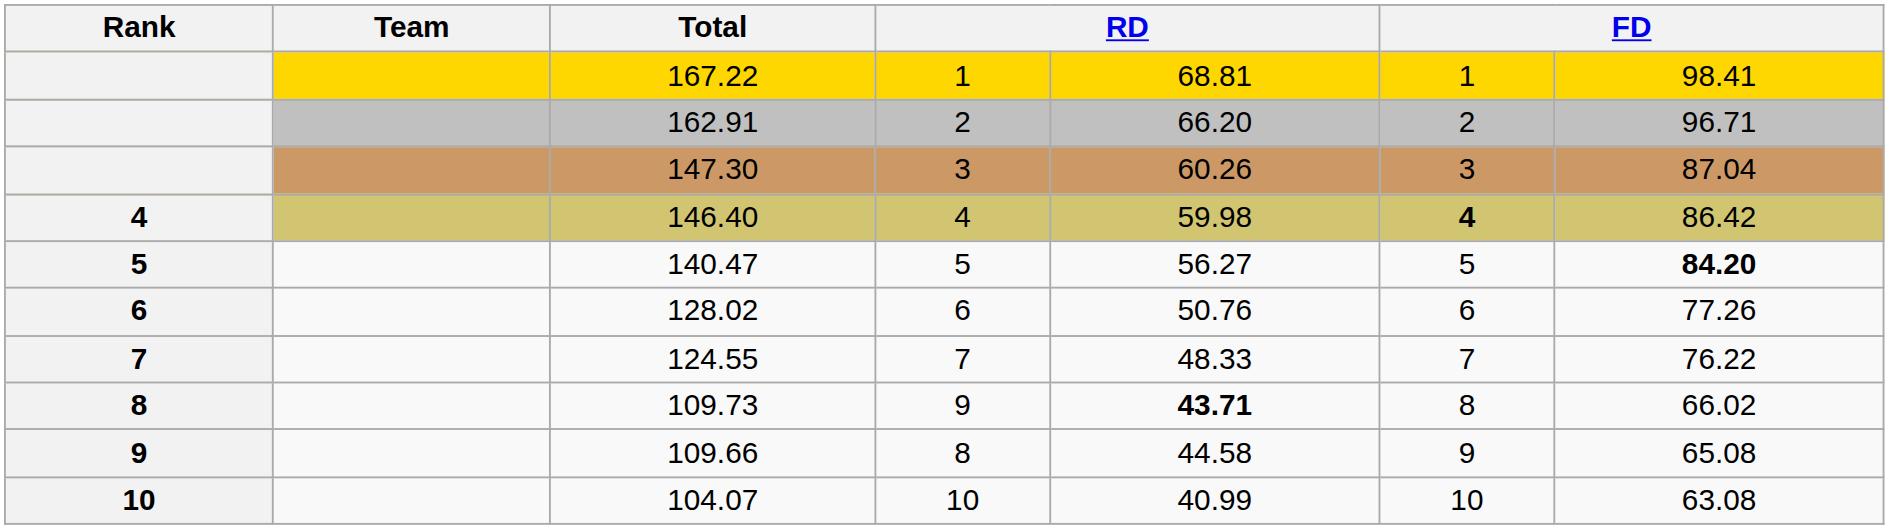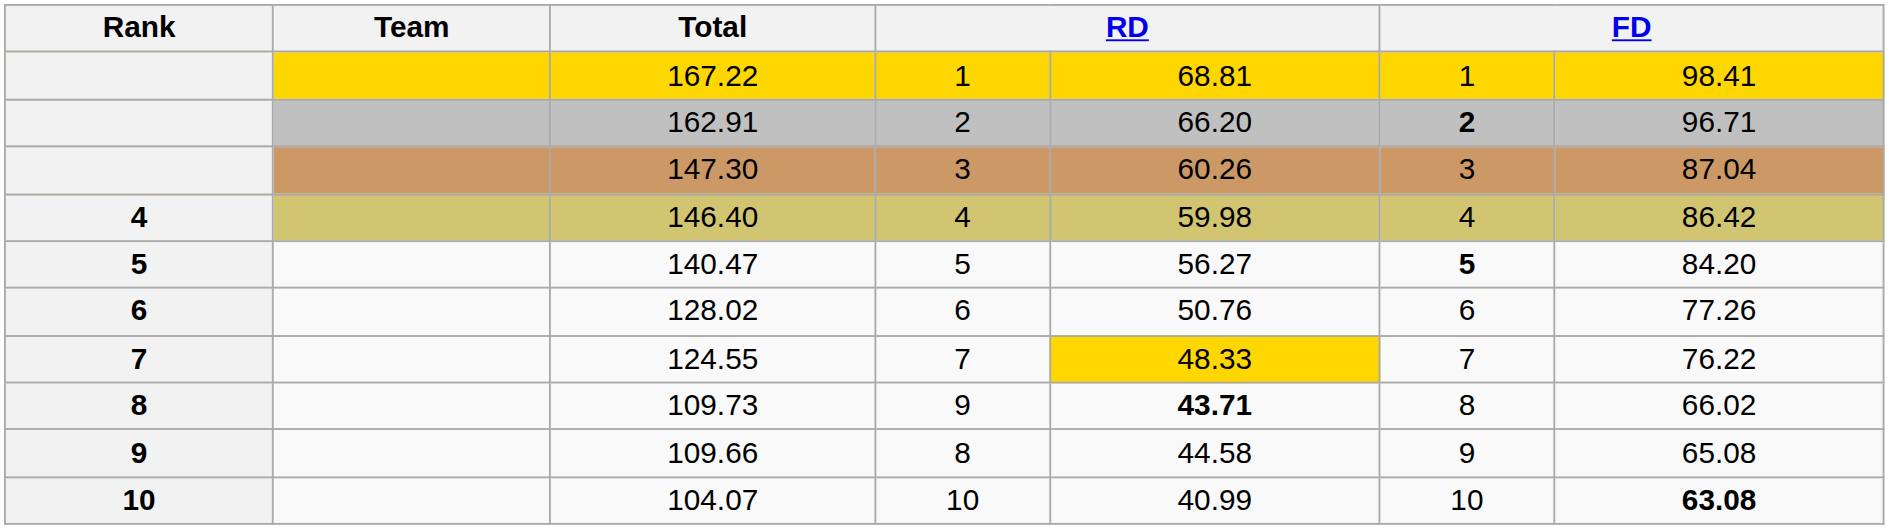 <table class="wikitable sortable" style="text-align:left; width:80%">
 <tr>
 <th scope="col">Rank</th>
 <th scope="col">Team</th>
 <th scope="col">Total</th>
 <th scope="col" colspan="2" width="80px"><a href='#'>RD</a></th>
 <th scope="col" colspan="2" width="80px"><a href='#'>FD</a></th>
 </tr>
 <tr bgcolor="gold">
 <th scope="row"></th>
 <td></td>
 <td align="center">167.22</td>
 <td align="center">1</td>
 <td align="center">68.81</td>
 <td align="center">1</td>
 <td align="center">98.41</td>
 </tr>
 <tr bgcolor="silver">
 <th scope="row"></th>
 <td></td>
 <td align="center">162.91</td>
 <td align="center">2</td>
 <td align="center">66.20</td>
-<td align="center">2</td>
+<td align="center"><strong>2</strong></td>
 <td align="center">96.71</td>
 </tr>
 <tr bgcolor="cc9966">
 <th scope="row"></th>
 <td></td>
 <td align="center">147.30</td>
 <td align="center">3</td>
 <td align="center">60.26</td>
 <td align="center">3</td>
 <td align="center">87.04</td>
 </tr>
 <tr bgcolor="#d1c571">
 <th scope="row">4</th>
 <td></td>
 <td align="center">146.40</td>
 <td align="center">4</td>
 <td align="center">59.98</td>
-<td align="center"><strong>4</strong></td>
+<td align="center">4</td>
 <td align="center">86.42</td>
 </tr>
 <tr>
 <th scope="row">5</th>
 <td></td>
 <td align="center">140.47</td>
 <td align="center">5</td>
 <td align="center">56.27</td>
-<td align="center">5</td>
-<td align="center"><strong>84.20</strong></td>
+<td align="center"><strong>5</strong></td>
+<td align="center">84.20</td>
 </tr>
 <tr>
 <th scope="row">6</th>
 <td></td>
 <td align="center">128.02</td>
 <td align="center">6</td>
 <td align="center">50.76</td>
 <td align="center">6</td>
 <td align="center">77.26</td>
 </tr>
 <tr>
 <th scope="row">7</th>
 <td></td>
 <td align="center">124.55</td>
 <td align="center">7</td>
-<td align="center">48.33</td>
+<td align="center" style="background: gold;">48.33</td>
 <td align="center">7</td>
 <td align="center">76.22</td>
 </tr>
 <tr>
 <th scope="row">8</th>
 <td></td>
 <td align="center">109.73</td>
 <td align="center">9</td>
 <td align="center"><strong>43.71</strong></td>
 <td align="center">8</td>
 <td align="center">66.02</td>
 </tr>
 <tr>
 <th scope="row">9</th>
 <td></td>
 <td align="center">109.66</td>
 <td align="center">8</td>
 <td align="center">44.58</td>
 <td align="center">9</td>
 <td align="center">65.08</td>
 </tr>
 <tr>
 <th scope="row">10</th>
 <td></td>
 <td align="center">104.07</td>
 <td align="center">10</td>
 <td align="center">40.99</td>
 <td align="center">10</td>
-<td align="center">63.08</td>
+<td align="center"><strong>63.08</strong></td>
 </tr>
 </table>
